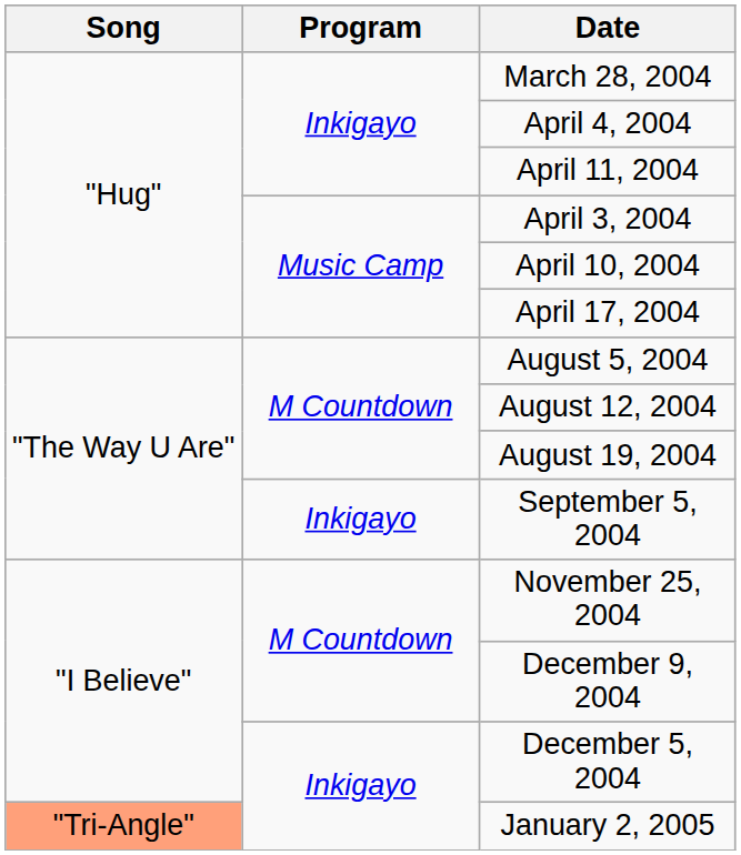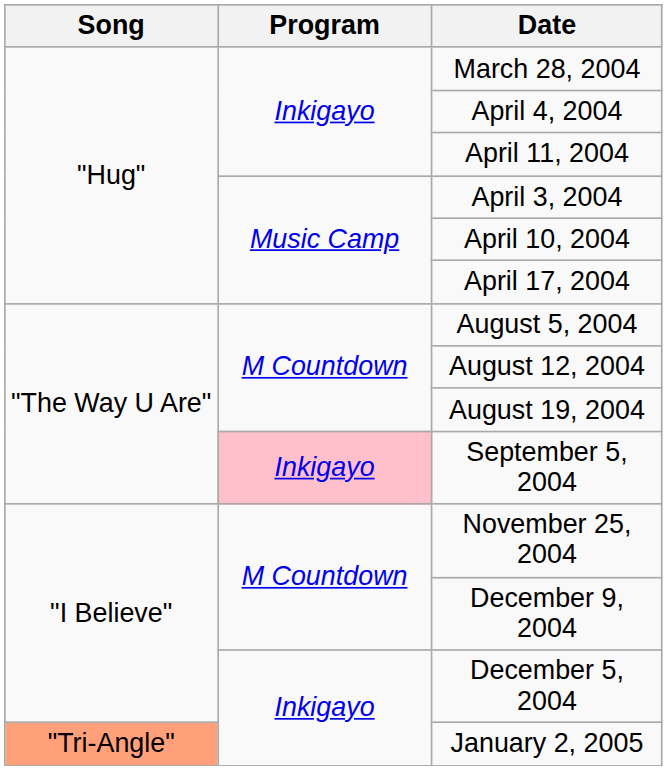 <table class="wikitable sortable plainrowheaders" style="text-align:center">
 <tr>
 <th>Song</th>
 <th width="120">Program</th>
 <th width="130">Date</th>
 </tr>
 <tr>
 <td rowspan="6">"Hug"</td>
 <td rowspan="3"><em><a href='#'>Inkigayo</a></em></td>
 <td>March 28, 2004</td>
 </tr>
 <tr>
 <td>April 4, 2004</td>
 </tr>
 <tr>
 <td>April 11, 2004</td>
 </tr>
 <tr>
 <td rowspan="3"><a href='#'><em>Music Camp</em></a></td>
 <td>April 3, 2004</td>
 </tr>
 <tr>
 <td>April 10, 2004</td>
 </tr>
 <tr>
 <td>April 17, 2004</td>
 </tr>
 <tr>
 <td rowspan="4">"The Way U Are"</td>
 <td rowspan="3"><em><a href='#'>M Countdown</a></em></td>
 <td>August 5, 2004</td>
 </tr>
 <tr>
 <td>August 12, 2004</td>
 </tr>
 <tr>
 <td>August 19, 2004</td>
 </tr>
 <tr>
-<td><em><a href='#'>Inkigayo</a></em></td>
+<td style="background: pink;"><em><a href='#'>Inkigayo</a></em></td>
 <td>September 5, 2004</td>
 </tr>
 <tr>
 <td rowspan="3">"I Believe"</td>
 <td rowspan="2"><em><a href='#'>M Countdown</a></em></td>
 <td>November 25, 2004</td>
 </tr>
 <tr>
 <td>December 9, 2004</td>
 </tr>
 <tr>
 <td rowspan="2"><em><a href='#'>Inkigayo</a></em></td>
 <td>December 5, 2004</td>
 </tr>
 <tr>
 <td style="background: lightsalmon;">"Tri-Angle"</td>
 <td>January 2, 2005</td>
 </tr>
 </table>
